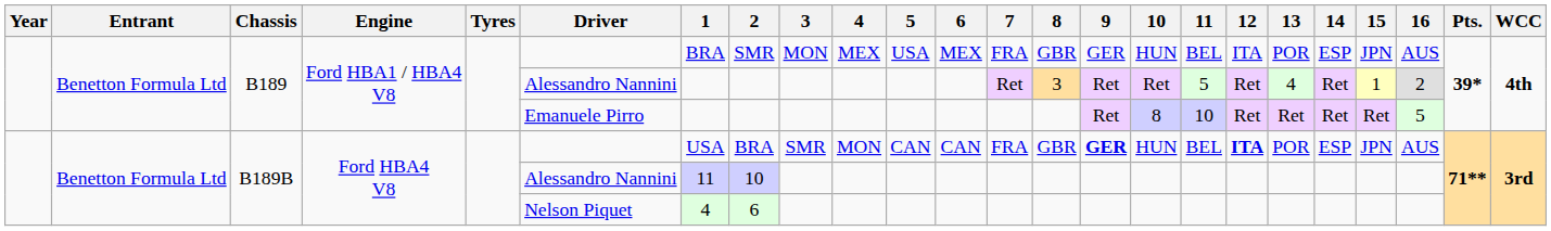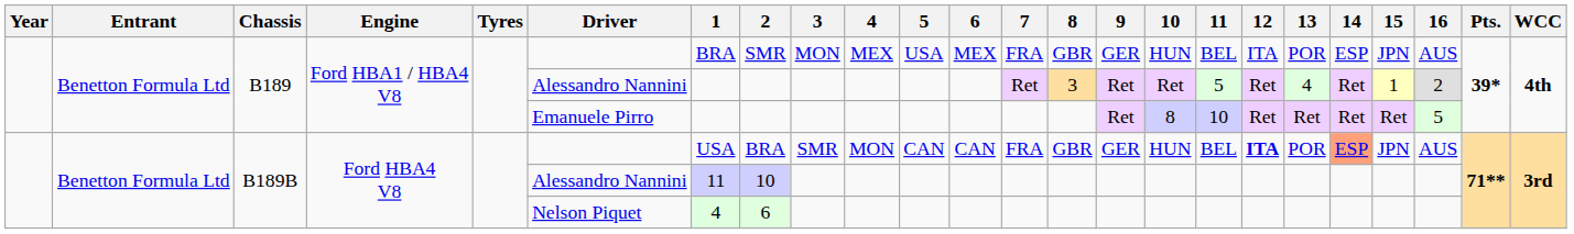 <table class="wikitable" style="text-align:center; font-size:95%">
 <tr>
 <th>Year</th>
 <th>Entrant</th>
 <th>Chassis</th>
 <th>Engine</th>
 <th>Tyres</th>
 <th>Driver</th>
 <th>1</th>
 <th>2</th>
 <th>3</th>
 <th>4</th>
 <th>5</th>
 <th>6</th>
 <th>7</th>
 <th>8</th>
 <th>9</th>
 <th>10</th>
 <th>11</th>
 <th>12</th>
 <th>13</th>
 <th>14</th>
 <th>15</th>
 <th>16</th>
 <th>Pts.</th>
 <th>WCC</th>
 </tr>
 <tr>
 <td rowspan="3"></td>
 <td rowspan="3"><a href='#'>Benetton Formula Ltd</a></td>
 <td rowspan="3">B189</td>
 <td rowspan="3"><a href='#'>Ford</a> <a href='#'>HBA1</a> / <a href='#'>HBA4</a><br><a href='#'>V8</a></td>
 <td rowspan="3"></td>
 <td></td>
 <td><a href='#'>BRA</a></td>
 <td><a href='#'>SMR</a></td>
 <td><a href='#'>MON</a></td>
 <td><a href='#'>MEX</a></td>
 <td><a href='#'>USA</a></td>
 <td><a href='#'>MEX</a></td>
 <td><a href='#'>FRA</a></td>
 <td><a href='#'>GBR</a></td>
 <td><a href='#'>GER</a></td>
 <td><a href='#'>HUN</a></td>
 <td><a href='#'>BEL</a></td>
 <td><a href='#'>ITA</a></td>
 <td><a href='#'>POR</a></td>
 <td><a href='#'>ESP</a></td>
 <td><a href='#'>JPN</a></td>
 <td><a href='#'>AUS</a></td>
 <td rowspan="3"><strong>39*</strong></td>
 <td rowspan="3"><strong>4th</strong></td>
 </tr>
 <tr>
 <td align="left"><a href='#'>Alessandro Nannini</a></td>
 <td></td>
 <td></td>
 <td></td>
 <td></td>
 <td></td>
 <td></td>
 <td style="background:#efcfff;">Ret</td>
 <td style="background:#ffdf9f;">3</td>
 <td style="background:#efcfff;">Ret</td>
 <td style="background:#efcfff;">Ret</td>
 <td style="background:#dfffdf;">5</td>
 <td style="background:#efcfff;">Ret</td>
 <td style="background:#dfffdf;">4</td>
 <td style="background:#efcfff;">Ret</td>
 <td style="background:#ffffbf;">1</td>
 <td style="background:#dfdfdf;">2</td>
 </tr>
 <tr>
 <td align="left"><a href='#'>Emanuele Pirro</a></td>
 <td></td>
 <td></td>
 <td></td>
 <td></td>
 <td></td>
 <td></td>
 <td></td>
 <td></td>
 <td style="background:#efcfff;">Ret</td>
 <td style="background:#cfcfff;">8</td>
 <td style="background:#cfcfff;">10</td>
 <td style="background:#efcfff;">Ret</td>
 <td style="background:#efcfff;">Ret</td>
 <td style="background:#efcfff;">Ret</td>
 <td style="background:#efcfff;">Ret</td>
 <td style="background:#dfffdf;">5</td>
 </tr>
 <tr>
 <td rowspan="3"></td>
 <td rowspan="3"><a href='#'>Benetton Formula Ltd</a></td>
 <td rowspan="3">B189B</td>
 <td rowspan="3"><a href='#'>Ford</a> <a href='#'>HBA4</a><br><a href='#'>V8</a></td>
 <td rowspan="3"></td>
 <td></td>
 <td><a href='#'>USA</a></td>
 <td><a href='#'>BRA</a></td>
 <td><a href='#'>SMR</a></td>
 <td><a href='#'>MON</a></td>
 <td><a href='#'>CAN</a></td>
 <td><a href='#'>CAN</a></td>
 <td><a href='#'>FRA</a></td>
 <td><a href='#'>GBR</a></td>
-<td><strong><a href='#'>GER</a></strong></td>
+<td><a href='#'>GER</a></td>
 <td><a href='#'>HUN</a></td>
 <td><a href='#'>BEL</a></td>
 <td><strong><a href='#'>ITA</a></strong></td>
 <td><a href='#'>POR</a></td>
-<td><a href='#'>ESP</a></td>
+<td style="background: lightsalmon;"><a href='#'>ESP</a></td>
 <td><a href='#'>JPN</a></td>
 <td><a href='#'>AUS</a></td>
 <td rowspan="3" style="background:#ffdf9f;"><strong>71**</strong></td>
 <td rowspan="3" style="background:#ffdf9f;"><strong>3rd</strong></td>
 </tr>
 <tr>
 <td align="left"><a href='#'>Alessandro Nannini</a></td>
 <td style="background:#cfcfff;">11</td>
 <td style="background:#cfcfff;">10</td>
 <td></td>
 <td></td>
 <td></td>
 <td></td>
 <td></td>
 <td></td>
 <td></td>
 <td></td>
 <td></td>
 <td></td>
 <td></td>
 <td></td>
 <td></td>
 <td></td>
 </tr>
 <tr>
 <td align="left"><a href='#'>Nelson Piquet</a></td>
 <td style="background:#dfffdf;">4</td>
 <td style="background:#dfffdf;">6</td>
 <td></td>
 <td></td>
 <td></td>
 <td></td>
 <td></td>
 <td></td>
 <td></td>
 <td></td>
 <td></td>
 <td></td>
 <td></td>
 <td></td>
 <td></td>
 <td></td>
 </tr>
 </table>
